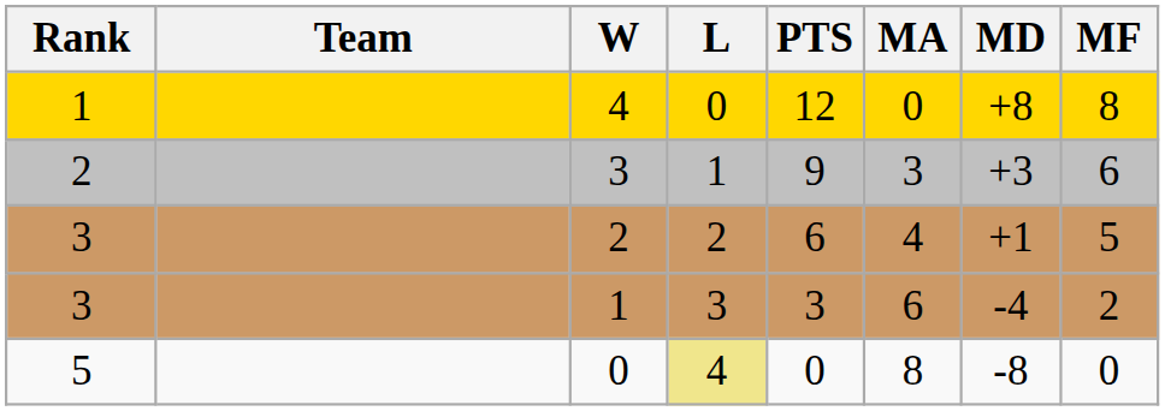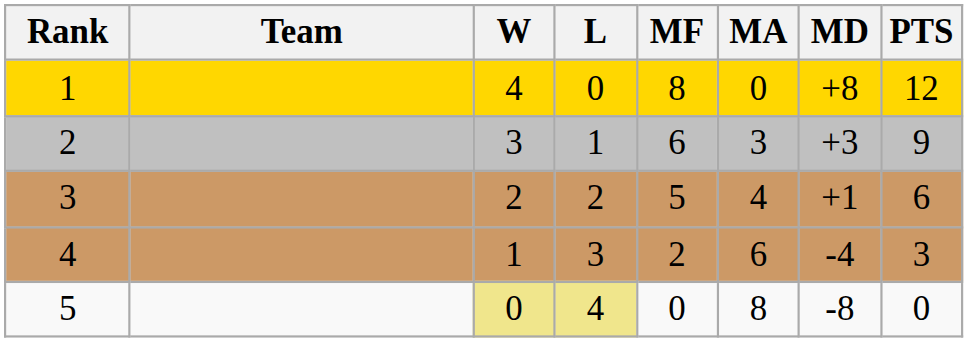 <table class="wikitable" style="text-align:center">
 <tr>
 <th width=50>Rank</th>
 <th width=150>Team</th>
 <th width=30>W</th>
 <th width=30>L</th>
-<th width=30>PTS</th>
+<th width=30>MF</th>
 <th width=30>MA</th>
 <th width=30>MD</th>
-<th width=30>MF</th>
+<th width=30>PTS</th>
 </tr>
 <tr bgcolor=gold>
 <td>1</td>
 <td style="text-align:left;"></td>
 <td>4</td>
 <td>0</td>
-<td>12</td>
+<td>8</td>
 <td>0</td>
 <td>+8</td>
-<td>8</td>
+<td>12</td>
 </tr>
 <tr bgcolor=silver>
 <td>2</td>
 <td style="text-align:left;"></td>
 <td>3</td>
 <td>1</td>
-<td>9</td>
+<td>6</td>
 <td>3</td>
 <td>+3</td>
-<td>6</td>
+<td>9</td>
 </tr>
 <tr bgcolor=#cc9966>
 <td>3</td>
 <td style="text-align:left;"></td>
 <td>2</td>
 <td>2</td>
-<td>6</td>
+<td>5</td>
 <td>4</td>
 <td>+1</td>
-<td>5</td>
+<td>6</td>
 </tr>
 <tr bgcolor=#cc9966>
-<td>3</td>
+<td>4</td>
 <td style="text-align:left;"></td>
 <td>1</td>
 <td>3</td>
-<td>3</td>
+<td>2</td>
 <td>6</td>
 <td>-4</td>
-<td>2</td>
+<td>3</td>
 </tr>
 <tr>
 <td>5</td>
 <td style="text-align:left;"></td>
-<td>0</td>
+<td style="background: khaki;">0</td>
 <td style="background: khaki;">4</td>
 <td>0</td>
 <td>8</td>
 <td>-8</td>
 <td>0</td>
 </tr>
 </table>
